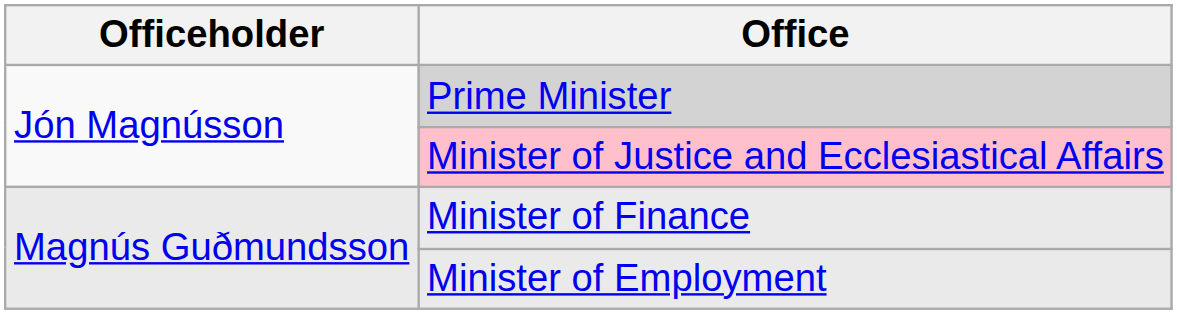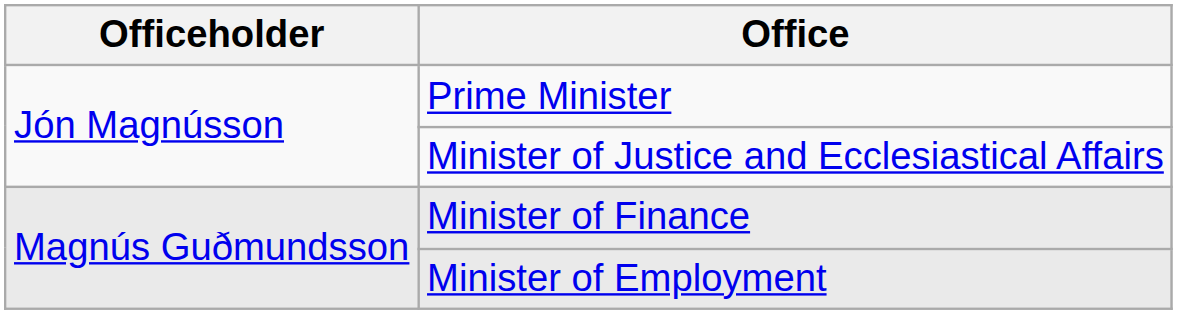 <table class="wikitable">
 <tr>
 <th>Officeholder</th>
 <th>Office</th>
 </tr>
 <tr>
 <td rowspan=2><a href='#'>Jón Magnússon</a></td>
-<td style="background: lightgrey;"><a href='#'>Prime Minister</a></td>
+<td><a href='#'>Prime Minister</a></td>
 </tr>
 <tr>
-<td style="background: pink;"><a href='#'>Minister of Justice and Ecclesiastical Affairs</a></td>
+<td><a href='#'>Minister of Justice and Ecclesiastical Affairs</a></td>
 </tr>
 <tr style="background-color: #EAEAEA;">
 <td rowspan=2><a href='#'>Magnús Guðmundsson</a></td>
 <td><a href='#'>Minister of Finance</a></td>
 </tr>
 <tr style="background-color: #EAEAEA;">
 <td><a href='#'>Minister of Employment</a></td>
 </tr>
 </table>
